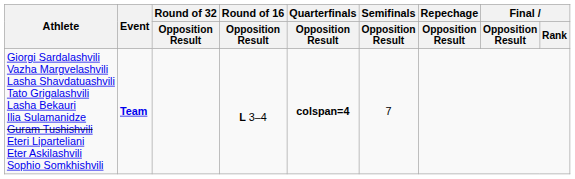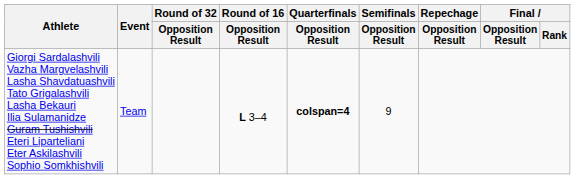 <table class="wikitable" style="font-size:90%">
 <tr>
 <th rowspan="2">Athlete</th>
 <th rowspan="2">Event</th>
 <th>Round of 32</th>
 <th>Round of 16</th>
 <th>Quarterfinals</th>
 <th>Semifinals</th>
 <th>Repechage</th>
 <th colspan=2>Final / </th>
 </tr>
 <tr style="font-size:95%">
 <th>Opposition<br>Result</th>
 <th>Opposition<br>Result</th>
 <th>Opposition<br>Result</th>
 <th>Opposition<br>Result</th>
 <th>Opposition<br>Result</th>
 <th>Opposition<br>Result</th>
 <th>Rank</th>
 </tr>
 <tr align=center>
 <td align=left><a href='#'>Giorgi Sardalashvili</a><br><a href='#'>Vazha Margvelashvili</a><br><a href='#'>Lasha Shavdatuashvili</a><br><a href='#'>Tato Grigalashvili</a><br><a href='#'>Lasha Bekauri</a><br><a href='#'>Ilia Sulamanidze</a><br><s><a href='#'>Guram Tushishvili</a></s><br><a href='#'>Eteri Liparteliani</a><br><a href='#'>Eter Askilashvili</a><br><a href='#'>Sophio Somkhishvili</a></td>
-<td align=left><strong><a href='#'>Team</a></strong></td>
+<td align=left><a href='#'>Team</a></td>
 <td></td>
 <td><br><strong>L</strong> 3–4</td>
 <td><strong>colspan=4</strong></td>
-<td>7</td>
+<td>9</td>
 </tr>
 </table>
